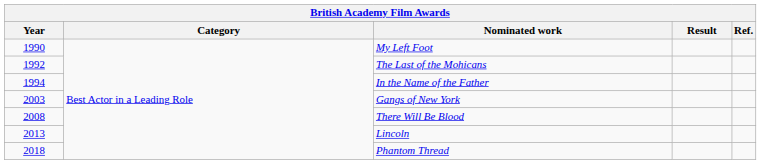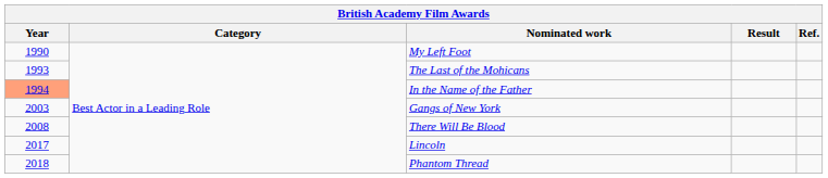 <table class="wikitable">
 <tr>
 <th colspan=5><a href='#'>British Academy Film Awards</a></th>
 </tr>
 <tr>
 <th scope="col" style="width:5em;">Year</th>
 <th scope="col" style="width:28em;">Category</th>
 <th scope="col" style="width:27em;">Nominated work</th>
 <th scope="col" style="width:5em;">Result</th>
 <th>Ref.</th>
 </tr>
 <tr>
 <td style="text-align:center;"><a href='#'>1990</a></td>
 <td rowspan="7"><a href='#'>Best Actor in a Leading Role</a></td>
 <td><em><a href='#'>My Left Foot</a></em></td>
 <td></td>
 <td style="text-align:center;"></td>
 </tr>
 <tr>
-<td style="text-align:center;"><a href='#'>1992</a></td>
+<td style="text-align:center;"><a href='#'>1993</a></td>
 <td><em><a href='#'>The Last of the Mohicans</a></em></td>
 <td></td>
 <td style="text-align:center;"></td>
 </tr>
 <tr>
-<td style="text-align:center;"><a href='#'>1994</a></td>
+<td style="background: lightsalmon; text-align:center;"><a href='#'>1994</a></td>
 <td><em><a href='#'>In the Name of the Father</a></em></td>
 <td></td>
 <td style="text-align:center;"></td>
 </tr>
 <tr>
 <td style="text-align:center;"><a href='#'>2003</a></td>
 <td><em><a href='#'>Gangs of New York</a></em></td>
 <td></td>
 <td style="text-align:center;"></td>
 </tr>
 <tr>
 <td style="text-align:center;"><a href='#'>2008</a></td>
 <td><em><a href='#'>There Will Be Blood</a></em></td>
 <td></td>
 <td style="text-align:center;"></td>
 </tr>
 <tr>
-<td style="text-align:center;"><a href='#'>2013</a></td>
+<td style="text-align:center;"><a href='#'>2017</a></td>
 <td><em><a href='#'>Lincoln</a></em></td>
 <td></td>
 <td style="text-align:center;"></td>
 </tr>
 <tr>
 <td style="text-align:center;"><a href='#'>2018</a></td>
 <td><em><a href='#'>Phantom Thread</a></em></td>
 <td></td>
 <td style="text-align:center;"></td>
 </tr>
 </table>
